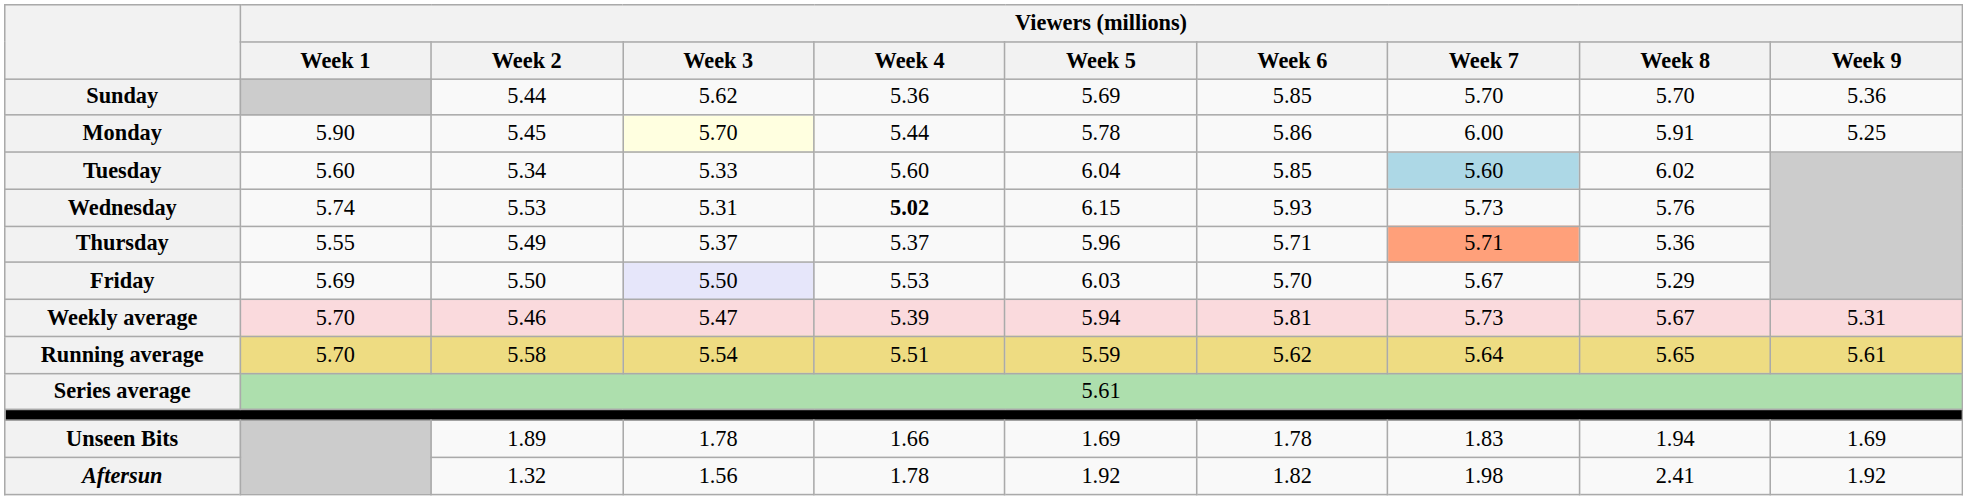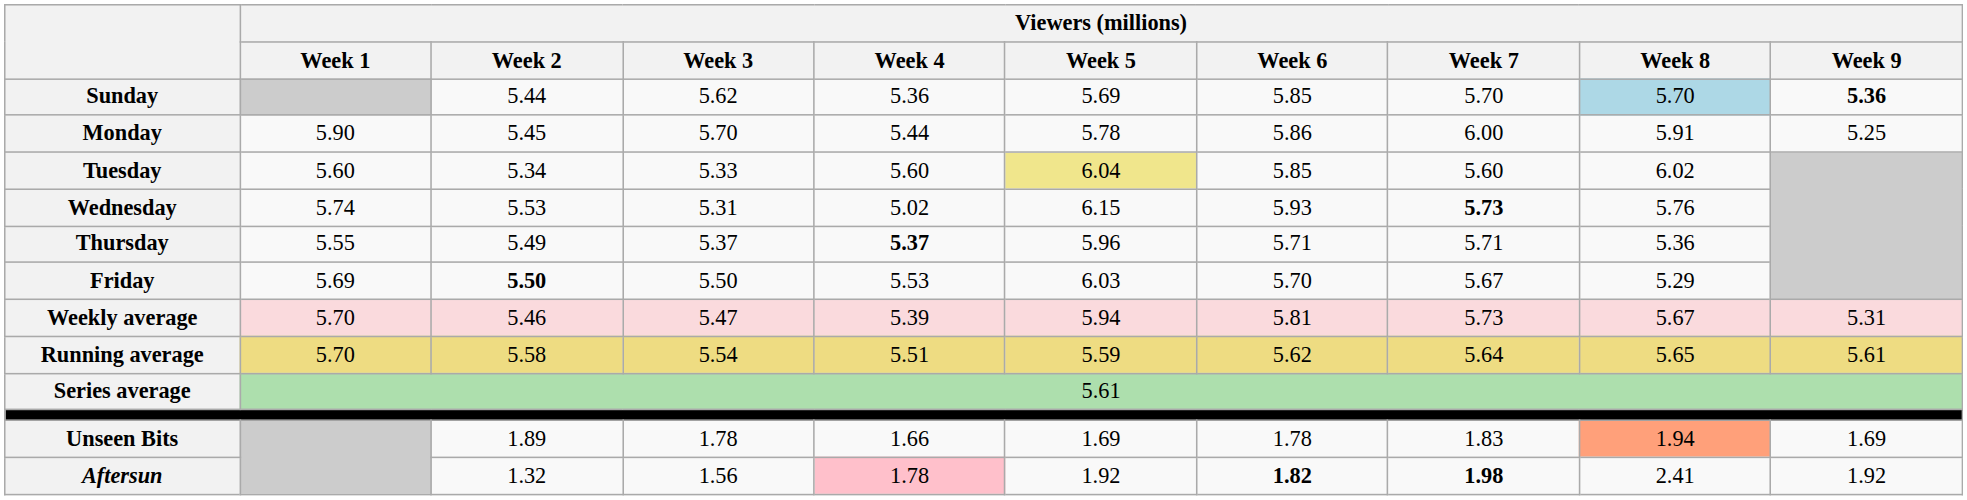 <table class="wikitable" style="font-size:90%; text-align:center; width: 100%; margin-left: auto; margin-right: auto;">
 <tr>
 <th rowspan="2" scope="col" style="width:12%;"></th>
 <th colspan="13" scope="col">Viewers (millions)</th>
 </tr>
 <tr>
 <th>Week 1</th>
 <th>Week 2</th>
 <th>Week 3</th>
 <th>Week 4</th>
 <th>Week 5</th>
 <th>Week 6</th>
 <th>Week 7</th>
 <th>Week 8</th>
 <th>Week 9</th>
 </tr>
 <tr>
 <th>Sunday</th>
 <td style="background:#ccc;"></td>
 <td>5.44</td>
 <td>5.62</td>
 <td>5.36</td>
 <td>5.69</td>
 <td>5.85</td>
 <td>5.70</td>
-<td>5.70</td>
-<td>5.36</td>
+<td style="background: lightblue;">5.70</td>
+<td><strong>5.36</strong></td>
 </tr>
 <tr>
 <th>Monday</th>
 <td>5.90</td>
 <td>5.45</td>
-<td style="background: lightyellow;">5.70</td>
+<td>5.70</td>
 <td>5.44</td>
 <td>5.78</td>
 <td>5.86</td>
 <td>6.00</td>
 <td>5.91</td>
 <td>5.25</td>
 </tr>
 <tr>
 <th>Tuesday</th>
 <td>5.60</td>
 <td>5.34</td>
 <td>5.33</td>
 <td>5.60</td>
-<td>6.04</td>
+<td style="background: khaki;">6.04</td>
 <td>5.85</td>
-<td style="background: lightblue;">5.60</td>
+<td>5.60</td>
 <td>6.02</td>
 <td rowspan="4" style="background:#ccc;"></td>
 </tr>
 <tr>
 <th>Wednesday</th>
 <td>5.74</td>
 <td>5.53</td>
 <td>5.31</td>
-<td><strong>5.02</strong></td>
+<td>5.02</td>
 <td>6.15</td>
 <td>5.93</td>
-<td>5.73</td>
+<td><strong>5.73</strong></td>
 <td>5.76</td>
 </tr>
 <tr>
 <th>Thursday</th>
 <td>5.55</td>
 <td>5.49</td>
 <td>5.37</td>
-<td>5.37</td>
+<td><strong>5.37</strong></td>
 <td>5.96</td>
 <td>5.71</td>
-<td style="background: lightsalmon;">5.71</td>
+<td>5.71</td>
 <td>5.36</td>
 </tr>
 <tr>
 <th>Friday</th>
 <td>5.69</td>
+<td><strong>5.50</strong></td>
 <td>5.50</td>
-<td style="background: lavender;">5.50</td>
 <td>5.53</td>
 <td>6.03</td>
 <td>5.70</td>
 <td>5.67</td>
 <td>5.29</td>
 </tr>
 <tr>
 <th>Weekly average</th>
 <td style="background:#FADADD;">5.70</td>
 <td style="background:#FADADD;">5.46</td>
 <td style="background:#FADADD;">5.47</td>
 <td style="background:#FADADD;">5.39</td>
 <td style="background:#FADADD;">5.94</td>
 <td style="background:#FADADD;">5.81</td>
 <td style="background:#FADADD;">5.73</td>
 <td style="background:#FADADD;">5.67</td>
 <td style="background:#FADADD;">5.31</td>
 </tr>
 <tr>
 <th>Running average</th>
 <td style="background:#EEDC82;">5.70</td>
 <td style="background:#EEDC82;">5.58</td>
 <td style="background:#EEDC82;">5.54</td>
 <td style="background:#EEDC82;">5.51</td>
 <td style="background:#EEDC82;">5.59</td>
 <td style="background:#EEDC82;">5.62</td>
 <td style="background:#EEDC82;">5.64</td>
 <td style="background:#EEDC82;">5.65</td>
 <td style="background:#EEDC82;">5.61</td>
 </tr>
 <tr>
 <th>Series average</th>
 <td colspan="9" style="background:#ADDFAD;">5.61</td>
 </tr>
 <tr>
 <th colspan="10" style="background:#000"></th>
 </tr>
 <tr>
 <th>Unseen Bits</th>
 <td rowspan="2" bgcolor="#cccccc"></td>
 <td>1.89</td>
 <td>1.78</td>
 <td>1.66</td>
 <td>1.69</td>
 <td>1.78</td>
 <td>1.83</td>
-<td>1.94</td>
+<td style="background: lightsalmon;">1.94</td>
 <td>1.69</td>
 </tr>
 <tr>
 <th><em>Aftersun</em></th>
 <td>1.32</td>
 <td>1.56</td>
-<td>1.78</td>
+<td style="background: pink;">1.78</td>
 <td>1.92</td>
-<td>1.82</td>
-<td>1.98</td>
+<td><strong>1.82</strong></td>
+<td><strong>1.98</strong></td>
 <td>2.41</td>
 <td>1.92</td>
 </tr>
 </table>
